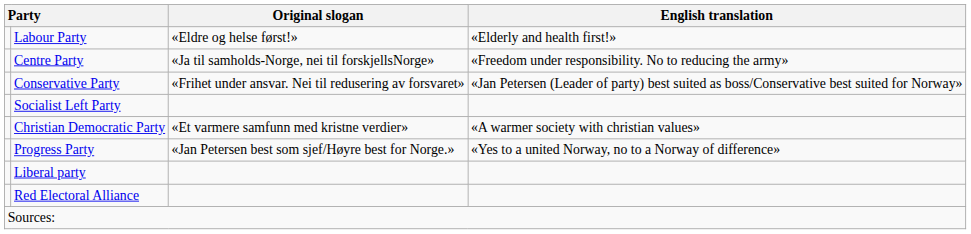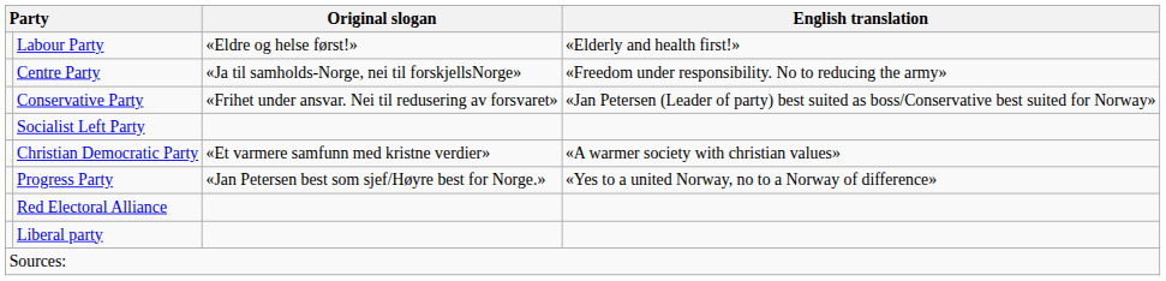 <table class="wikitable" style="font-size:97%; text-align:left">
 <tr>
 <th colspan="2" style="text-align:left;">Party</th>
 <th>Original slogan</th>
 <th>English translation</th>
 </tr>
 <tr>
 <td style="background:"></td>
 <td><a href='#'>Labour Party</a></td>
 <td>«Eldre og helse først!»</td>
 <td>«Elderly and health first!»</td>
 </tr>
 <tr>
 <td style="background:"></td>
 <td><a href='#'>Centre Party</a></td>
 <td>«Ja til samholds-Norge, nei til forskjellsNorge»</td>
 <td>«Freedom under responsibility. No to reducing the army»</td>
 </tr>
 <tr>
 <td style="background:"></td>
 <td><a href='#'>Conservative Party</a></td>
 <td>«Frihet under ansvar. Nei til redusering av forsvaret»</td>
 <td>«Jan Petersen (Leader of party) best suited as boss/Conservative best suited for Norway»</td>
 </tr>
 <tr>
 <td style="background:"></td>
 <td><a href='#'>Socialist Left Party</a></td>
 <td></td>
 <td></td>
 </tr>
 <tr>
 <td style="background:"></td>
 <td><a href='#'>Christian Democratic Party</a></td>
 <td>«Et varmere samfunn med kristne verdier»</td>
 <td>«A warmer society with christian values»</td>
 </tr>
 <tr>
 <td style="background:"></td>
 <td><a href='#'>Progress Party</a></td>
 <td>«Jan Petersen best som sjef/Høyre best for Norge.»</td>
 <td>«Yes to a united Norway, no to a Norway of difference»</td>
 </tr>
 <tr>
 <td style="background:"></td>
-<td><a href='#'>Liberal party</a></td>
+<td><a href='#'>Red Electoral Alliance</a></td>
 <td></td>
 <td></td>
 </tr>
 <tr>
 <td style="background:"></td>
-<td><a href='#'>Red Electoral Alliance</a></td>
+<td><a href='#'>Liberal party</a></td>
 <td></td>
 <td></td>
 </tr>
 <tr>
 <td colspan="4">Sources: </td>
 </tr>
 </table>
